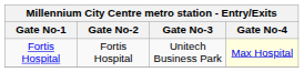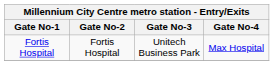 <table class="wikitable" style="text-align: center;" width="50%">
 <tr>
 <th align="center" colspan="4" style="background:#"><span>Millennium City Centre metro station - Entry/Exits</span></th>
 </tr>
 <tr>
 <th style="width:15%;">Gate No-1 </th>
 <th style="width:15%;">Gate No-2</th>
 <th style="width:15%;">Gate No-3 </th>
 <th style="width:15%;">Gate No-4 </th>
 </tr>
 <tr>
 <td><a href='#'>Fortis Hospital</a></td>
 <td>Fortis Hospital</td>
 <td>Unitech Business Park</td>
-<td style="background: lightyellow;"><a href='#'>Max Hospital</a></td>
+<td><a href='#'>Max Hospital</a></td>
 </tr>
 <tr>
 </tr>
 </table>
